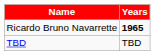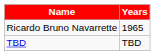 <table class="wikitable">
 <tr>
 <th style="color:#FFFFFF; background:#FF0000;">Name</th>
 <th style="color:#FFFFFF; background:#FF0000;">Years</th>
 </tr>
 <tr>
 <td> Ricardo Bruno Navarrette</td>
-<td><strong>1965</strong></td>
+<td>1965</td>
 </tr>
 <tr>
 <td> <a href='#'>TBD</a></td>
 <td>TBD</td>
 </tr>
 </table>
